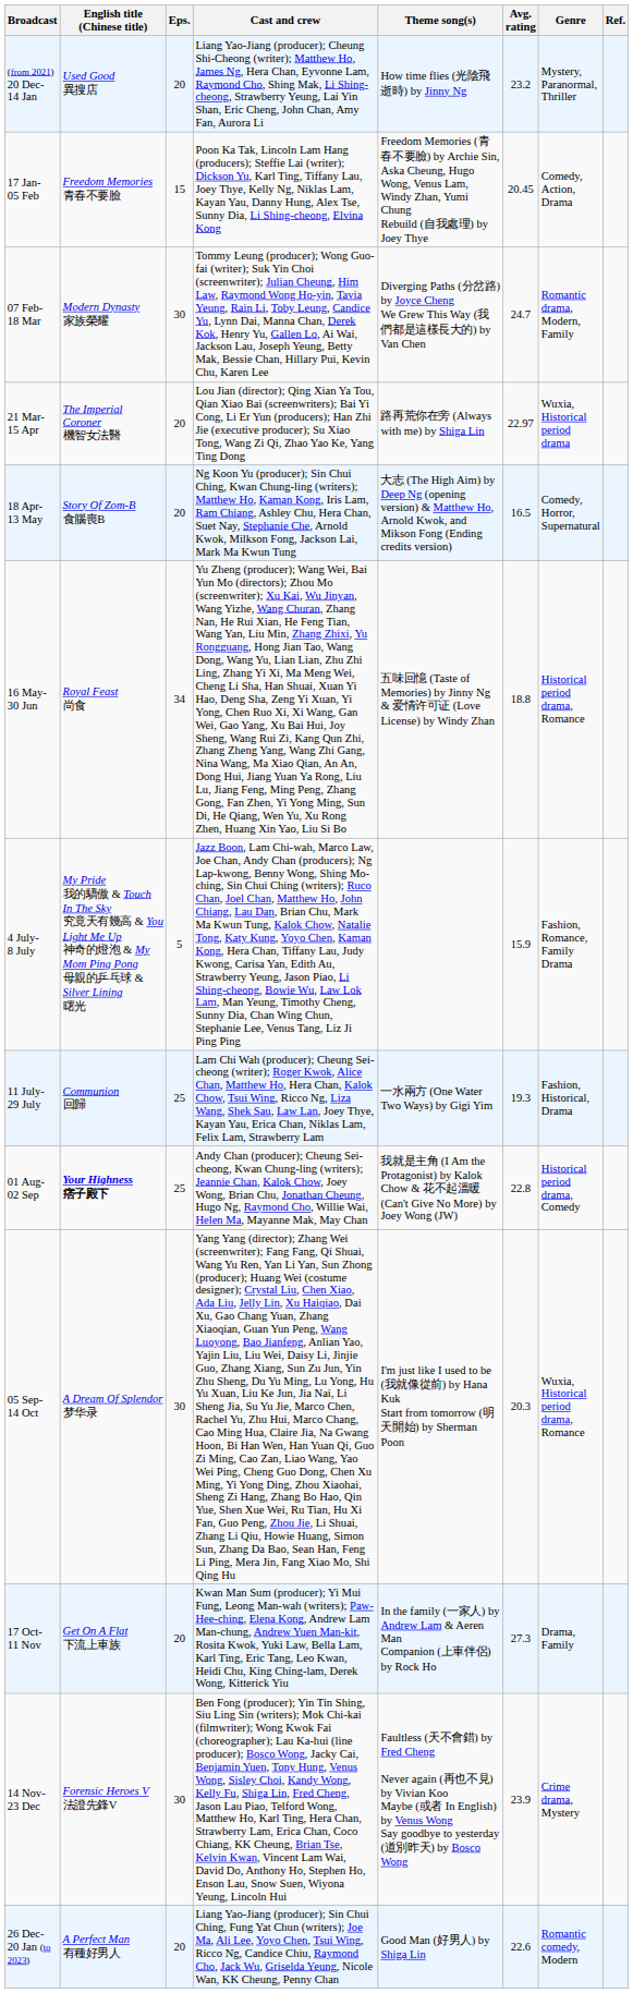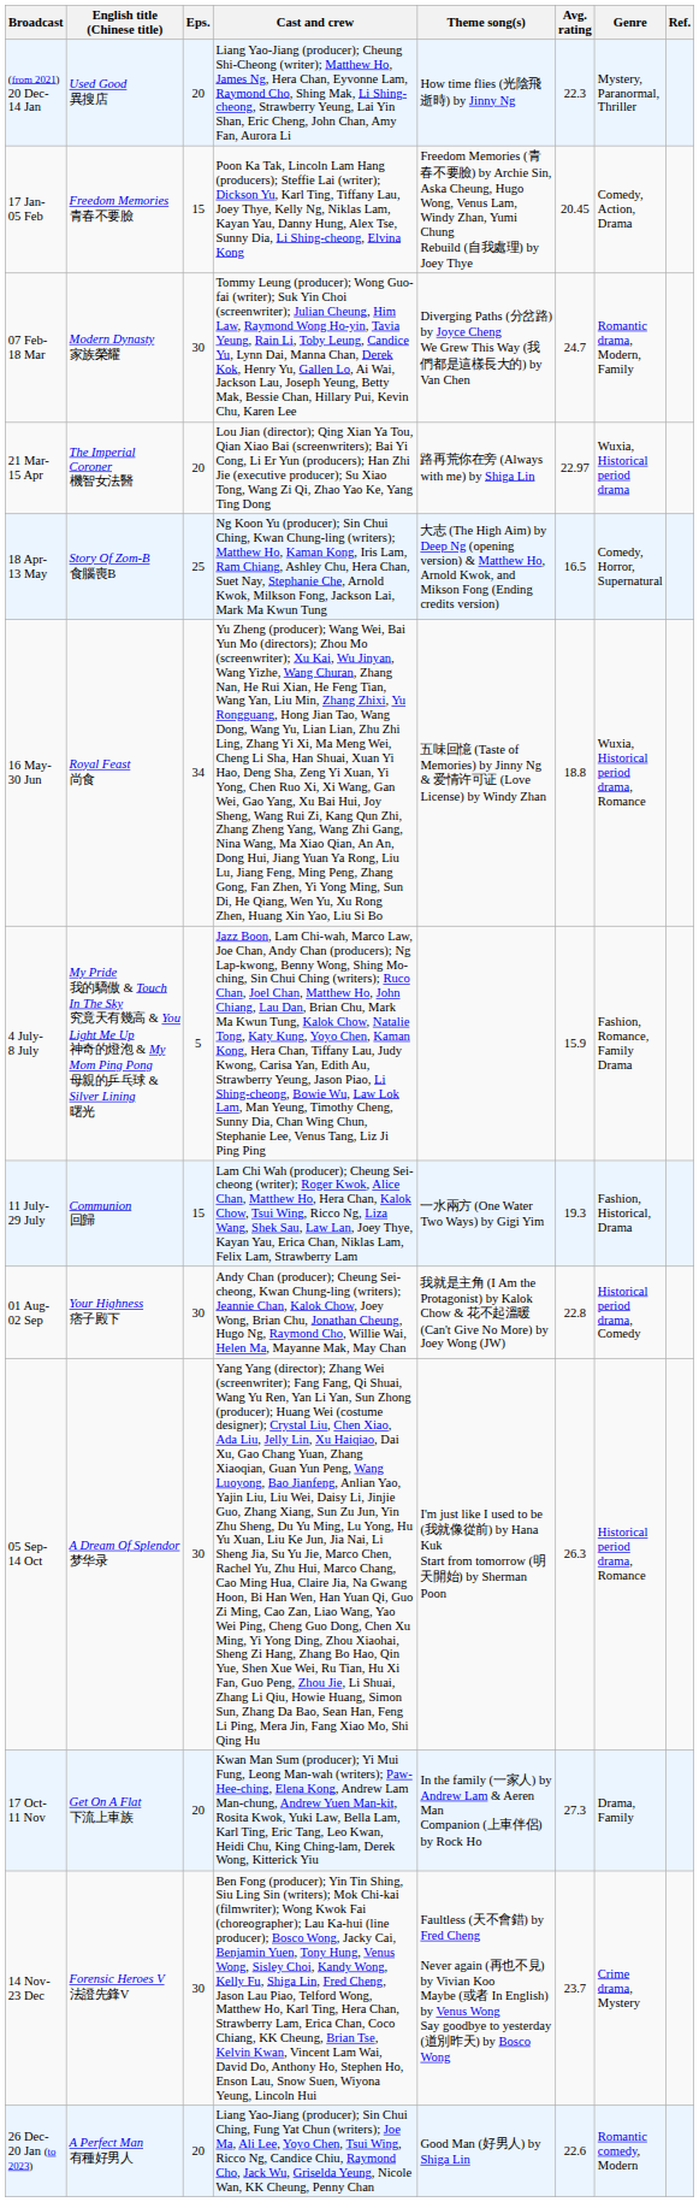 <table class="wikitable sortable">
 <tr>
 <th>Broadcast</th>
 <th style="width:17%;">English title <br> (Chinese title)</th>
 <th>Eps.</th>
 <th>Cast and crew</th>
 <th style="width:20%;">Theme song(s)</th>
 <th>Avg. rating</th>
 <th style="width:10%;">Genre</th>
 <th>Ref.</th>
 </tr>
 <tr ---- bgcolor="#ebf5ff">
 <td><small> (<a href='#'>from 2021</a>)</small><br>20 Dec-<br>14 Jan</td>
 <td><em><a href='#'>Used Good</a></em> <br>異搜店</td>
 <td style="text-align:center;">20</td>
 <td>Liang Yao-Jiang (producer); Cheung Shi-Cheong (writer); <a href='#'>Matthew Ho</a>, <a href='#'>James Ng</a>, Hera Chan, Eyvonne Lam, <a href='#'>Raymond Cho</a>, Shing Mak, <a href='#'>Li Shing-cheong</a>, Strawberry Yeung, Lai Yin Shan, Eric Cheng, John Chan, Amy Fan, Aurora Li</td>
 <td>How time flies (光陰飛逝時) by <a href='#'>Jinny Ng</a></td>
-<td style="text-align:center;">23.2</td>
+<td style="text-align:center;">22.3</td>
 <td>Mystery, Paranormal, Thriller</td>
 <td></td>
 </tr>
 <tr>
 <td>17 Jan-<br>05 Feb</td>
 <td><em><a href='#'>Freedom Memories</a></em> <br>青春不要臉</td>
 <td style="text-align:center;">15</td>
 <td>Poon Ka Tak, Lincoln Lam Hang (producers); Steffie Lai (writer); <a href='#'>Dickson Yu</a>, Karl Ting, Tiffany Lau, Joey Thye, Kelly Ng, Niklas Lam, Kayan Yau, Danny Hung, Alex Tse, Sunny Dia, <a href='#'>Li Shing-cheong</a>, <a href='#'>Elvina Kong</a></td>
 <td>Freedom Memories (青春不要臉) by Archie Sin, Aska Cheung, Hugo Wong, Venus Lam, Windy Zhan, Yumi Chung<br>Rebuild (自我處理) by Joey Thye</td>
 <td style="text-align:center;">20.45</td>
 <td>Comedy, Action, Drama</td>
 <td></td>
 </tr>
 <tr -----bgcolor="#b6fcb6">
 <td>07 Feb-<br>18 Mar</td>
 <td><em><a href='#'>Modern Dynasty</a></em> <br>家族榮耀</td>
 <td style="text-align:center;">30</td>
 <td>Tommy Leung (producer); Wong Guo-fai (writer); Suk Yin Choi (screenwriter); <a href='#'>Julian Cheung</a>, <a href='#'>Him Law</a>, <a href='#'>Raymond Wong Ho-yin</a>, <a href='#'>Tavia Yeung</a>, <a href='#'>Rain Li</a>, <a href='#'>Toby Leung</a>, <a href='#'>Candice Yu</a>, Lynn Dai, Manna Chan, <a href='#'>Derek Kok</a>, Henry Yu, <a href='#'>Gallen Lo</a>, Ai Wai, Jackson Lau, Joseph Yeung, Betty Mak, Bessie Chan, Hillary Pui, Kevin Chu, Karen Lee</td>
 <td>Diverging Paths (分岔路) by <a href='#'>Joyce Cheng</a><br>We Grew This Way (我們都是這樣長大的) by Van Chen</td>
 <td style="text-align:center;">24.7</td>
 <td><a href='#'>Romantic drama</a>, Modern, Family</td>
 <td></td>
 </tr>
 <tr -----bgcolor="#b6fcb6">
 <td>21 Mar-<br>15 Apr</td>
 <td><em><a href='#'>The Imperial Coroner</a></em> <br>機智女法醫</td>
 <td style="text-align:center;">20</td>
 <td>Lou Jian (director); Qing Xian Ya Tou, Qian Xiao Bai (screenwriters); Bai Yi Cong, Li Er Yun (producers); Han Zhi Jie (executive producer); Su Xiao Tong, Wang Zi Qi, Zhao Yao Ke, Yang Ting Dong</td>
 <td>路再荒你在旁 (Always with me) by <a href='#'>Shiga Lin</a></td>
 <td style="text-align:center;">22.97</td>
 <td>Wuxia, <a href='#'>Historical period drama</a></td>
 <td></td>
 </tr>
 <tr ---- bgcolor="#ebf5ff">
 <td>18 Apr-<br>13 May</td>
 <td><em><a href='#'>Story Of Zom-B</a></em> <br>食腦喪B</td>
-<td style="text-align:center;">20</td>
+<td style="text-align:center;">25</td>
 <td>Ng Koon Yu (producer); Sin Chui Ching, Kwan Chung-ling (writers); <a href='#'>Matthew Ho</a>, <a href='#'>Kaman Kong</a>, Iris Lam, <a href='#'>Ram Chiang</a>, Ashley Chu, Hera Chan, Suet Nay, <a href='#'>Stephanie Che</a>, Arnold Kwok, Milkson Fong, Jackson Lai, Mark Ma Kwun Tung</td>
 <td>大志 (The High Aim) by <a href='#'>Deep Ng</a> (opening version) & <a href='#'>Matthew Ho</a>, Arnold Kwok, and Mikson Fong (Ending credits version)</td>
 <td style="text-align:center;">16.5</td>
 <td>Comedy, Horror, Supernatural</td>
 <td></td>
 </tr>
 <tr -----bgcolor="#b6fcb6">
 <td>16 May-<br> 30 Jun</td>
 <td><em><a href='#'>Royal Feast</a></em> <br>尚食</td>
 <td style="text-align:center;">34</td>
 <td>Yu Zheng (producer); Wang Wei, Bai Yun Mo (directors); Zhou Mo (screenwriter); <a href='#'>Xu Kai</a>, <a href='#'>Wu Jinyan</a>, Wang Yizhe, <a href='#'>Wang Churan</a>, Zhang Nan, He Rui Xian, He Feng Tian, Wang Yan, Liu Min, <a href='#'>Zhang Zhixi</a>, <a href='#'>Yu Rongguang</a>, Hong Jian Tao, Wang Dong, Wang Yu, Lian Lian, Zhu Zhi Ling, Zhang Yi Xi, Ma Meng Wei, Cheng Li Sha, Han Shuai, Xuan Yi Hao, Deng Sha, Zeng Yi Xuan, Yi Yong, Chen Ruo Xi, Xi Wang, Gan Wei, Gao Yang, Xu Bai Hui, Joy Sheng, Wang Rui Zi, Kang Qun Zhi, Zhang Zheng Yang, Wang Zhi Gang, Nina Wang, Ma Xiao Qian, An An, Dong Hui, Jiang Yuan Ya Rong, Liu Lu, Jiang Feng, Ming Peng, Zhang Gong, Fan Zhen, Yi Yong Ming, Sun Di, He Qiang, Wen Yu, Xu Rong Zhen, Huang Xin Yao, Liu Si Bo</td>
 <td>五味回憶 (Taste of Memories) by Jinny Ng & 爱情许可证 (Love License) by Windy Zhan</td>
 <td style="text-align:center;">18.8</td>
-<td><a href='#'>Historical period drama</a>, Romance</td>
+<td>Wuxia, <a href='#'>Historical period drama</a>, Romance</td>
 <td></td>
 </tr>
 <tr>
 <td>4 July-<br>8 July</td>
 <td><em><a href='#'>My Pride</a></em> <br>我的驕傲 & <em><a href='#'>Touch In The Sky</a></em> <br>究竟天有幾高 & <em><a href='#'>You Light Me Up</a></em> <br>神奇的燈泡 & <em><a href='#'>My Mom Ping Pong</a></em> <br>母親的乒乓球 & <em><a href='#'>Silver Lining</a></em> <br>曙光</td>
 <td style="text-align:center;">5</td>
 <td><a href='#'>Jazz Boon</a>, Lam Chi-wah, Marco Law, Joe Chan, Andy Chan (producers); Ng Lap-kwong, Benny Wong, Shing Mo-ching, Sin Chui Ching (writers); <a href='#'>Ruco Chan</a>, <a href='#'>Joel Chan</a>, <a href='#'>Matthew Ho</a>, <a href='#'>John Chiang</a>, <a href='#'>Lau Dan</a>, Brian Chu, Mark Ma Kwun Tung, <a href='#'>Kalok Chow</a>, <a href='#'>Natalie Tong</a>, <a href='#'>Katy Kung</a>, <a href='#'>Yoyo Chen</a>, <a href='#'>Kaman Kong</a>, Hera Chan, Tiffany Lau, Judy Kwong, Carisa Yan, Edith Au, Strawberry Yeung, Jason Piao, <a href='#'>Li Shing-cheong</a>, <a href='#'>Bowie Wu</a>, <a href='#'>Law Lok Lam</a>, Man Yeung, Timothy Cheng, Sunny Dia, Chan Wing Chun, Stephanie Lee, Venus Tang, Liz Ji Ping Ping</td>
 <td></td>
 <td style="text-align:center;">15.9</td>
 <td>Fashion, Romance, Family Drama</td>
 <td></td>
 </tr>
 <tr ---- bgcolor="#ebf5ff">
 <td>11 July-<br>29 July</td>
 <td><em><a href='#'>Communion</a></em> <br>回歸</td>
-<td style="text-align:center;">25</td>
+<td style="text-align:center;">15</td>
 <td>Lam Chi Wah (producer); Cheung Sei-cheong (writer); <a href='#'>Roger Kwok</a>, <a href='#'>Alice Chan</a>, <a href='#'>Matthew Ho</a>, Hera Chan, <a href='#'>Kalok Chow</a>, <a href='#'>Tsui Wing</a>, Ricco Ng, <a href='#'>Liza Wang</a>, <a href='#'>Shek Sau</a>, <a href='#'>Law Lan</a>, Joey Thye, Kayan Yau, Erica Chan, Niklas Lam, Felix Lam, Strawberry Lam</td>
 <td>一水兩方 (One Water Two Ways) by Gigi Yim</td>
 <td style="text-align:center;">19.3</td>
 <td>Fashion, Historical, Drama</td>
 <td></td>
 </tr>
 <tr>
 <td>01 Aug-<br>02 Sep</td>
-<td><strong><em><a href='#'>Your Highness</a></em> <br>痞子殿下</strong></td>
-<td style="text-align:center;">25</td>
+<td><em><a href='#'>Your Highness</a></em> <br>痞子殿下</td>
+<td style="text-align:center;">30</td>
 <td>Andy Chan (producer); Cheung Sei-cheong, Kwan Chung-ling (writers); <a href='#'>Jeannie Chan</a>, <a href='#'>Kalok Chow</a>, Joey Wong, Brian Chu, <a href='#'>Jonathan Cheung</a>, Hugo Ng, <a href='#'>Raymond Cho</a>, Willie Wai, <a href='#'>Helen Ma</a>, Mayanne Mak, May Chan</td>
 <td>我就是主角 (I Am the Protagonist) by Kalok Chow & 花不起溫暖 (Can't Give No More) by Joey Wong (JW)</td>
 <td style="text-align:center;">22.8</td>
 <td><a href='#'>Historical period drama</a>, Comedy</td>
 <td></td>
 </tr>
 <tr -----bgcolor="#b6fcb6">
 <td>05 Sep-<br>14 Oct</td>
 <td><em><a href='#'>A Dream Of Splendor</a></em> <br>梦华录</td>
 <td style="text-align:center;">30</td>
 <td>Yang Yang (director); Zhang Wei (screenwriter); Fang Fang, Qi Shuai, Wang Yu Ren, Yan Li Yan, Sun Zhong (producer); Huang Wei (costume designer); <a href='#'>Crystal Liu</a>, <a href='#'>Chen Xiao</a>, <a href='#'>Ada Liu</a>, <a href='#'>Jelly Lin</a>, <a href='#'>Xu Haiqiao</a>, Dai Xu, Gao Chang Yuan, Zhang Xiaoqian, Guan Yun Peng, <a href='#'>Wang Luoyong</a>, <a href='#'>Bao Jianfeng</a>, Anlian Yao, Yajin Liu, Liu Wei, Daisy Li, Jinjie Guo, Zhang Xiang, Sun Zu Jun, Yin Zhu Sheng, Du Yu Ming, Lu Yong, Hu Yu Xuan, Liu Ke Jun, Jia Nai, Li Sheng Jia, Su Yu Jie, Marco Chen, Rachel Yu, Zhu Hui, Marco Chang, Cao Ming Hua, Claire Jia, Na Gwang Hoon, Bi Han Wen, Han Yuan Qi, Guo Zi Ming, Cao Zan, Liao Wang, Yao Wei Ping, Cheng Guo Dong, Chen Xu Ming, Yi Yong Ding, Zhou Xiaohai, Sheng Zi Hang, Zhang Bo Hao, Qin Yue, Shen Xue Wei, Ru Tian, Hu Xi Fan, Guo Peng, <a href='#'>Zhou Jie</a>, Li Shuai, Zhang Li Qiu, Howie Huang, Simon Sun, Zhang Da Bao, Sean Han, Feng Li Ping, Mera Jin, Fang Xiao Mo, Shi Qing Hu</td>
 <td>I'm just like I used to be (我就像從前) by Hana Kuk<br>Start from tomorrow (明天開始) by Sherman Poon</td>
-<td style="text-align:center;">20.3</td>
-<td>Wuxia, <a href='#'>Historical period drama</a>, Romance</td>
+<td style="text-align:center;">26.3</td>
+<td><a href='#'>Historical period drama</a>, Romance</td>
 <td></td>
 </tr>
 <tr ---- bgcolor="#ebf5ff">
 <td>17 Oct-<br>11 Nov</td>
 <td><em><a href='#'>Get On A Flat</a></em> <br>下流上車族</td>
 <td style="text-align:center;">20</td>
 <td>Kwan Man Sum (producer); Yi Mui Fung, Leong Man-wah (writers); <a href='#'>Paw-Hee-ching</a>, <a href='#'>Elena Kong</a>, Andrew Lam Man-chung, <a href='#'>Andrew Yuen Man-kit</a>, Rosita Kwok, Yuki Law, Bella Lam, Karl Ting, Eric Tang, Leo Kwan, Heidi Chu, King Ching-lam, Derek Wong, Kitterick Yiu</td>
 <td>In the family (一家人) by <a href='#'>Andrew Lam</a> & Aeren Man<br>Companion (上車伴侶) by Rock Ho</td>
 <td style="text-align:center;">27.3</td>
 <td>Drama, Family</td>
 <td></td>
 </tr>
 <tr>
 <td>14 Nov-<br>23 Dec</td>
 <td><em><a href='#'>Forensic Heroes V</a></em> <br>法證先鋒V</td>
 <td style="text-align:center;">30</td>
 <td>Ben Fong (producer); Yin Tin Shing, Siu Ling Sin (writers); Mok Chi-kai (filmwriter); Wong Kwok Fai (choreographer); Lau Ka-hui (line producer); <a href='#'>Bosco Wong</a>, Jacky Cai, <a href='#'>Benjamin Yuen</a>, <a href='#'>Tony Hung</a>, <a href='#'>Venus Wong</a>, <a href='#'>Sisley Choi</a>, <a href='#'>Kandy Wong</a>, <a href='#'>Kelly Fu</a>, <a href='#'>Shiga Lin</a>, <a href='#'>Fred Cheng</a>, Jason Lau Piao, Telford Wong, Matthew Ho, Karl Ting, Hera Chan, Strawberry Lam, Erica Chan, Coco Chiang, KK Cheung, <a href='#'>Brian Tse</a>, <a href='#'>Kelvin Kwan</a>, Vincent Lam Wai, David Do, Anthony Ho, Stephen Ho, Enson Lau, Snow Suen, Wiyona Yeung, Lincoln Hui</td>
 <td>Faultless (天不會錯) by <a href='#'>Fred Cheng</a> <br><br>Never again (再也不見) by Vivian Koo <br> Maybe (或者 In English) by <a href='#'>Venus Wong</a> <br> Say goodbye to yesterday (道別昨天) by <a href='#'>Bosco Wong</a></td>
-<td style="text-align:center;">23.9</td>
+<td style="text-align:center;">23.7</td>
 <td><a href='#'>Crime drama</a>, Mystery</td>
 <td></td>
 </tr>
 <tr ---- bgcolor="#ebf5ff">
 <td>26 Dec-<br>20 Jan <small>(<a href='#'>to 2023</a>)</small></td>
 <td><em><a href='#'>A Perfect Man</a></em> <br>有種好男人</td>
 <td style="text-align:center;">20</td>
 <td>Liang Yao-Jiang (producer); Sin Chui Ching, Fung Yat Chun (writers); <a href='#'>Joe Ma</a>, <a href='#'>Ali Lee</a>, <a href='#'>Yoyo Chen</a>, <a href='#'>Tsui Wing</a>, Ricco Ng, Candice Chiu, <a href='#'>Raymond Cho</a>, <a href='#'>Jack Wu</a>, <a href='#'>Griselda Yeung</a>, Nicole Wan, KK Cheung, Penny Chan</td>
 <td>Good Man (好男人) by <a href='#'>Shiga Lin</a></td>
 <td style="text-align:center;">22.6</td>
 <td><a href='#'>Romantic comedy</a>, Modern</td>
 <td></td>
 </tr>
 </table>
